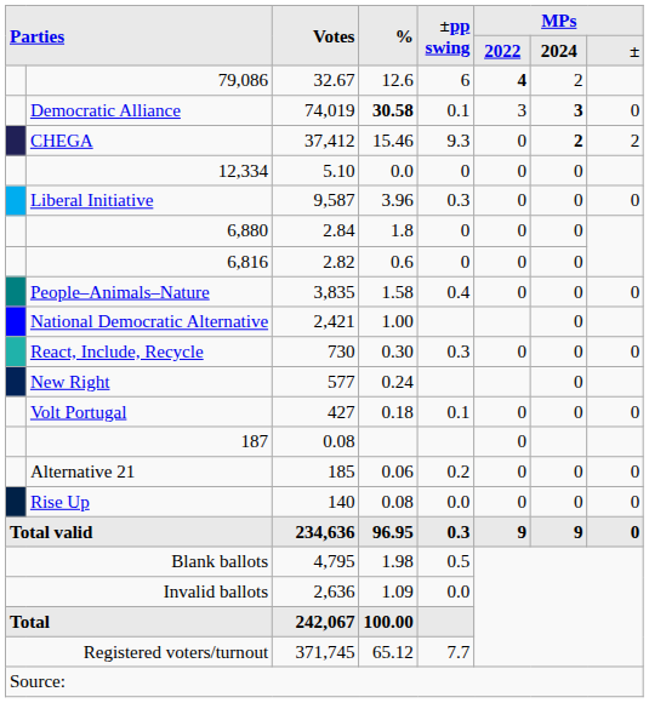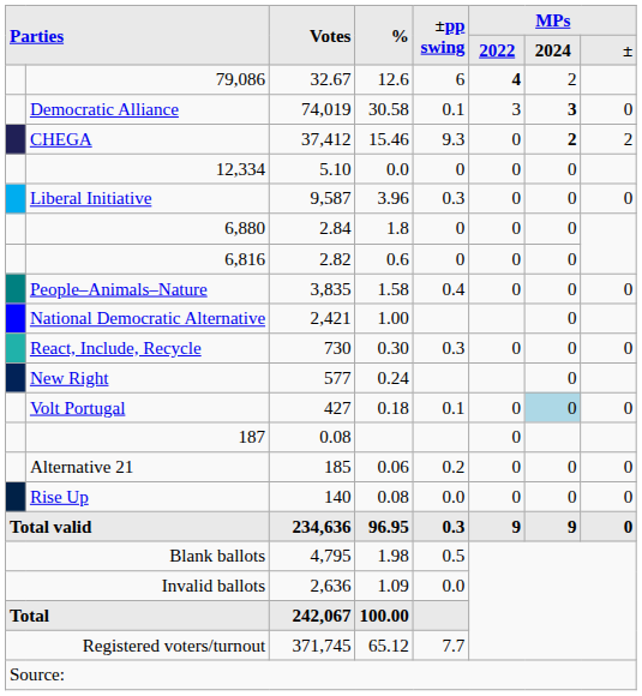 <table class="wikitable" style="text-align:right; font-size:95%;">
 <tr>
 <th rowspan="2" colspan="2" style="background:#e9e9e9; text-align:left;" alignleft><a href='#'>Parties</a></th>
 <th rowspan="2" style="background:#e9e9e9; text-align:right;">Votes</th>
 <th rowspan="2" style="background:#e9e9e9; text-align:right;">%</th>
 <th rowspan="2" style="background:#e9e9e9; text-align:right;">±<a href='#'>pp</a> <a href='#'>swing</a></th>
 <th colspan="3" style="background:#e9e9e9; text-align:center;"><a href='#'>MPs</a></th>
 </tr>
 <tr style="background-color:#E9E9E9">
 <th style="background-color:#E9E9E9;text-align:center;"><a href='#'>2022</a></th>
 <th style="background-color:#E9E9E9;text-align:center;">2024</th>
 <th style="background:#e9e9e9; text-align:right;">±</th>
 </tr>
 <tr>
 <td></td>
 <td>79,086</td>
 <td>32.67</td>
 <td>12.6</td>
 <td>6</td>
 <td><strong>4</strong></td>
 <td>2</td>
 </tr>
 <tr>
 <td style="width: 10px"></td>
 <td align="left"><a href='#'>Democratic Alliance</a> </td>
 <td>74,019</td>
-<td><strong>30.58</strong></td>
+<td>30.58</td>
 <td>0.1</td>
 <td>3</td>
 <td><strong>3</strong></td>
 <td>0</td>
 </tr>
 <tr>
 <td style="width: 10px" bgcolor="#202056" align="center"></td>
 <td align="left"><a href='#'>CHEGA</a></td>
 <td>37,412</td>
 <td>15.46</td>
 <td>9.3</td>
 <td>0</td>
 <td><strong>2</strong></td>
 <td>2</td>
 </tr>
 <tr>
 <td></td>
 <td>12,334</td>
 <td>5.10</td>
 <td>0.0</td>
 <td>0</td>
 <td>0</td>
 <td>0</td>
 </tr>
 <tr>
 <td style="width: 10px" bgcolor="#00ADEF" align="center"></td>
 <td align="left"><a href='#'>Liberal Initiative</a></td>
 <td>9,587</td>
 <td>3.96</td>
 <td>0.3</td>
 <td>0</td>
 <td>0</td>
 <td>0</td>
 </tr>
 <tr>
 <td></td>
 <td>6,880</td>
 <td>2.84</td>
 <td>1.8</td>
 <td>0</td>
 <td>0</td>
 <td>0</td>
 </tr>
 <tr>
 <td></td>
 <td>6,816</td>
 <td>2.82</td>
 <td>0.6</td>
 <td>0</td>
 <td>0</td>
 <td>0</td>
 </tr>
 <tr>
 <td style="width: 10px" bgcolor="teal" align="center"></td>
 <td align="left"><a href='#'>People–Animals–Nature</a></td>
 <td>3,835</td>
 <td>1.58</td>
 <td>0.4</td>
 <td>0</td>
 <td>0</td>
 <td>0</td>
 </tr>
 <tr>
 <td style="width: 10px" bgcolor="blue" align="center"></td>
 <td align="left"><a href='#'>National Democratic Alternative</a></td>
 <td>2,421</td>
 <td>1.00</td>
 <td></td>
 <td></td>
 <td>0</td>
 <td></td>
 </tr>
 <tr>
 <td style="width: 10px" bgcolor="LightSeaGreen" align="center"></td>
 <td align="left"><a href='#'>React, Include, Recycle</a></td>
 <td>730</td>
 <td>0.30</td>
 <td>0.3</td>
 <td>0</td>
 <td>0</td>
 <td>0</td>
 </tr>
 <tr>
 <td style="width: 10px" bgcolor="#012257" align="center"></td>
 <td align="left"><a href='#'>New Right</a></td>
 <td>577</td>
 <td>0.24</td>
 <td></td>
 <td></td>
 <td>0</td>
 <td></td>
 </tr>
 <tr>
 <td style="width: 10px"></td>
 <td align="left"><a href='#'>Volt Portugal</a></td>
 <td>427</td>
 <td>0.18</td>
 <td>0.1</td>
 <td>0</td>
-<td>0</td>
+<td style="background: lightblue;">0</td>
 <td>0</td>
 </tr>
 <tr>
 <td></td>
 <td>187</td>
 <td>0.08</td>
 <td></td>
 <td></td>
 <td>0</td>
 <td></td>
 </tr>
 <tr>
 <td style="width: 10px"></td>
 <td align="left">Alternative 21 </td>
 <td>185</td>
 <td>0.06</td>
 <td>0.2</td>
 <td>0</td>
 <td>0</td>
 <td>0</td>
 </tr>
 <tr>
 <td style="width: 10px" bgcolor="#002147" align="center"></td>
 <td align="left"><a href='#'>Rise Up</a></td>
 <td>140</td>
 <td>0.08</td>
 <td>0.0</td>
 <td>0</td>
 <td>0</td>
 <td>0</td>
 </tr>
 <tr>
 <td colspan=2 align=left style="background-color:#E9E9E9"><strong>Total valid</strong></td>
 <td width="65" align="right" style="background-color:#E9E9E9"><strong>234,636</strong></td>
 <td width="40" align="right" style="background-color:#E9E9E9"><strong>96.95</strong></td>
 <td width="40" align="right" style="background-color:#E9E9E9"><strong>0.3</strong></td>
 <td width="40" align="right" style="background-color:#E9E9E9"><strong>9</strong></td>
 <td width="40" align="right" style="background-color:#E9E9E9"><strong>9</strong></td>
 <td width="40" align="right" style="background-color:#E9E9E9"><strong>0</strong></td>
 </tr>
 <tr>
 <td colspan=2>Blank ballots</td>
 <td>4,795</td>
 <td>1.98</td>
 <td>0.5</td>
 <td colspan="3" rowspan="4"></td>
 </tr>
 <tr>
 <td colspan=2>Invalid ballots</td>
 <td>2,636</td>
 <td>1.09</td>
 <td>0.0</td>
 </tr>
 <tr>
 <td colspan=2 align=left style="background-color:#E9E9E9"><strong>Total</strong></td>
 <td width="50" align="right" style="background-color:#E9E9E9"><strong>242,067</strong></td>
 <td width="40" align="right" style="background-color:#E9E9E9"><strong>100.00</strong></td>
 <td width="40" align="right" style="background-color:#E9E9E9"></td>
 </tr>
 <tr>
 <td colspan=2>Registered voters/turnout</td>
 <td>371,745</td>
 <td>65.12</td>
 <td>7.7</td>
 </tr>
 <tr>
 <td colspan=8 align=left>Source: </td>
 </tr>
 </table>
